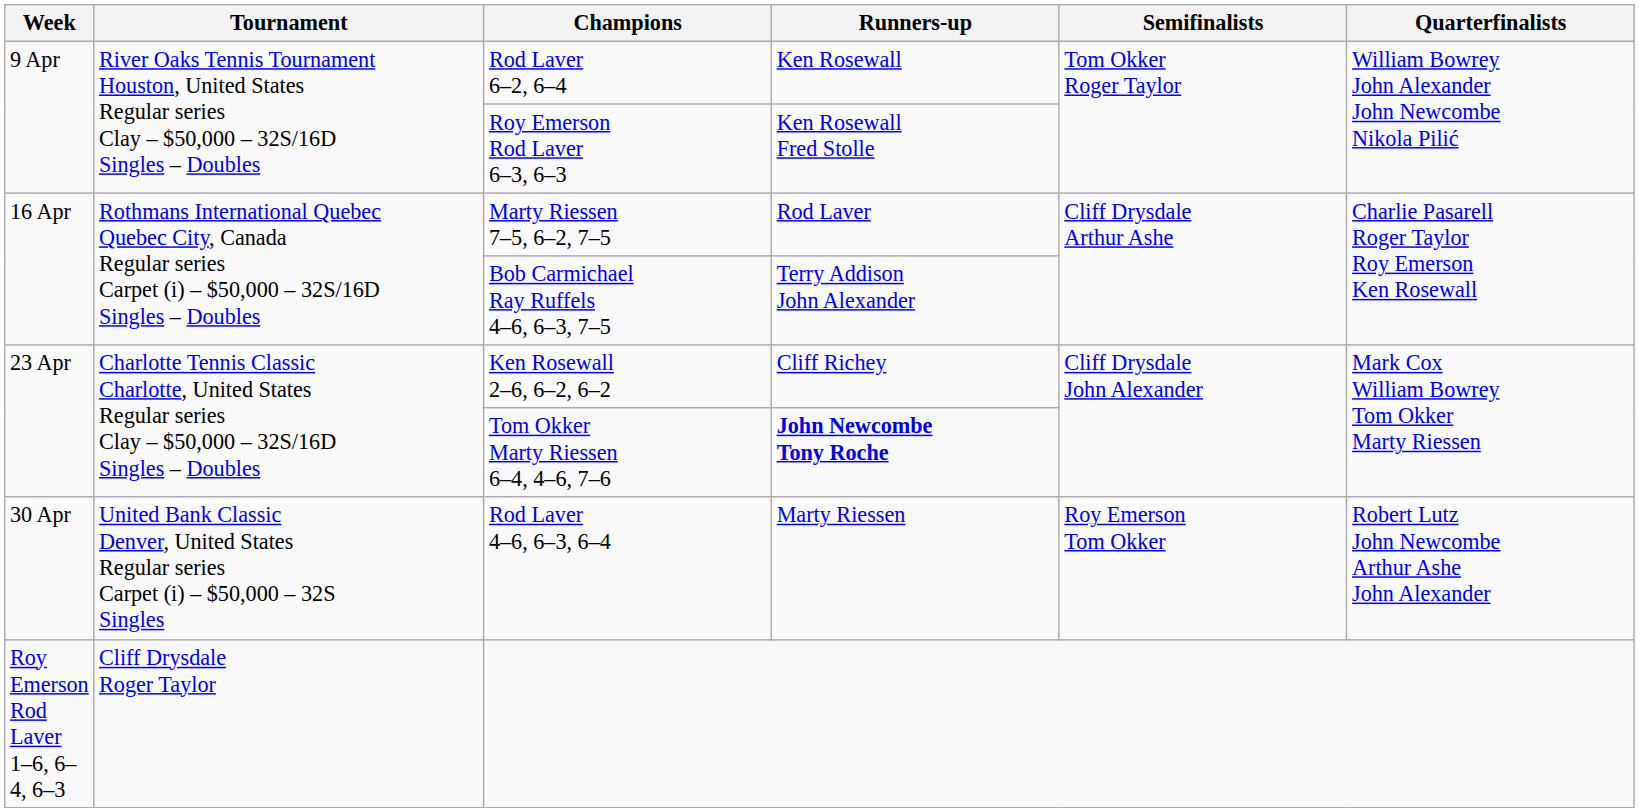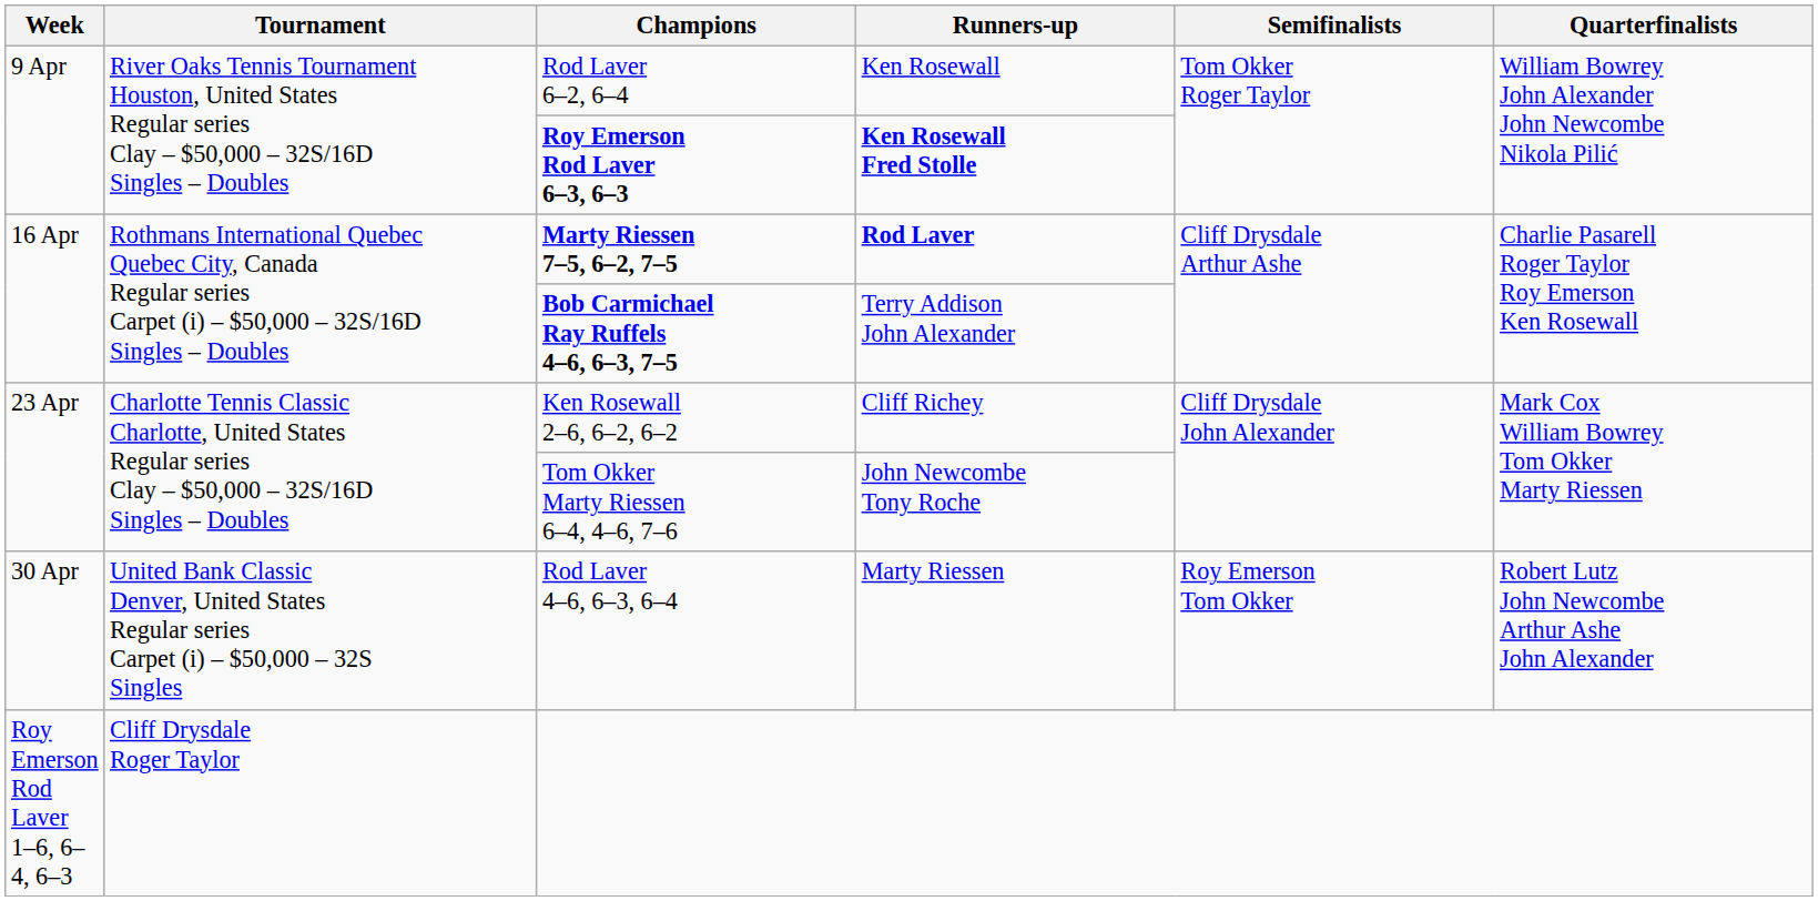 <table class=wikitable style=font-size:95%>
 <tr>
 <th style="width:48px;">Week</th>
 <th style="width:260px;">Tournament</th>
 <th style="width:190px;">Champions</th>
 <th style="width:190px;">Runners-up</th>
 <th style="width:190px;">Semifinalists</th>
 <th style="width:190px;">Quarterfinalists</th>
 </tr>
 <tr valign=top>
 <td rowspan=2>9 Apr</td>
 <td rowspan=2><a href='#'>River Oaks Tennis Tournament</a><br> <a href='#'>Houston</a>, United States<br>Regular series<br>Clay – $50,000 – 32S/16D<br><a href='#'>Singles</a> – <a href='#'>Doubles</a></td>
 <td> <a href='#'>Rod Laver</a><br>6–2, 6–4</td>
 <td> <a href='#'>Ken Rosewall</a></td>
 <td rowspan=2> <a href='#'>Tom Okker</a><br> <a href='#'>Roger Taylor</a></td>
 <td rowspan=2> <a href='#'>William Bowrey</a><br> <a href='#'>John Alexander</a><br> <a href='#'>John Newcombe</a><br> <a href='#'>Nikola Pilić</a></td>
 </tr>
 <tr valign=top>
-<td> <a href='#'>Roy Emerson</a><br> <a href='#'>Rod Laver</a><br>6–3, 6–3</td>
-<td> <a href='#'>Ken Rosewall</a><br> <a href='#'>Fred Stolle</a></td>
+<td><strong> <a href='#'>Roy Emerson</a><br> <a href='#'>Rod Laver</a><br>6–3, 6–3</strong></td>
+<td><strong> <a href='#'>Ken Rosewall</a><br> <a href='#'>Fred Stolle</a></strong></td>
 </tr>
 <tr valign=top>
 <td rowspan=2>16 Apr</td>
 <td rowspan=2><a href='#'>Rothmans International Quebec</a><br> <a href='#'>Quebec City</a>, Canada<br>Regular series<br>Carpet (i) – $50,000 – 32S/16D<br><a href='#'>Singles</a> – <a href='#'>Doubles</a></td>
-<td> <a href='#'>Marty Riessen</a><br>7–5, 6–2, 7–5</td>
-<td> <a href='#'>Rod Laver</a></td>
+<td><strong> <a href='#'>Marty Riessen</a><br>7–5, 6–2, 7–5</strong></td>
+<td><strong> <a href='#'>Rod Laver</a></strong></td>
 <td rowspan=2> <a href='#'>Cliff Drysdale</a><br> <a href='#'>Arthur Ashe</a></td>
 <td rowspan=2> <a href='#'>Charlie Pasarell</a><br> <a href='#'>Roger Taylor</a><br> <a href='#'>Roy Emerson</a><br> <a href='#'>Ken Rosewall</a></td>
 </tr>
 <tr valign=top>
-<td> <a href='#'>Bob Carmichael</a><br> <a href='#'>Ray Ruffels</a><br>4–6, 6–3, 7–5</td>
+<td><strong> <a href='#'>Bob Carmichael</a><br> <a href='#'>Ray Ruffels</a><br>4–6, 6–3, 7–5</strong></td>
 <td> <a href='#'>Terry Addison</a><br> <a href='#'>John Alexander</a></td>
 </tr>
 <tr valign=top>
 <td rowspan=2>23 Apr</td>
 <td rowspan=2><a href='#'>Charlotte Tennis Classic</a><br> <a href='#'>Charlotte</a>, United States<br>Regular series<br>Clay – $50,000 – 32S/16D<br><a href='#'>Singles</a> – <a href='#'>Doubles</a></td>
 <td> <a href='#'>Ken Rosewall</a><br>2–6, 6–2, 6–2</td>
 <td> <a href='#'>Cliff Richey</a></td>
 <td rowspan=2> <a href='#'>Cliff Drysdale</a><br> <a href='#'>John Alexander</a></td>
 <td rowspan=2> <a href='#'>Mark Cox</a><br> <a href='#'>William Bowrey</a><br> <a href='#'>Tom Okker</a><br> <a href='#'>Marty Riessen</a></td>
 </tr>
 <tr valign=top>
 <td> <a href='#'>Tom Okker</a><br> <a href='#'>Marty Riessen</a><br>6–4, 4–6, 7–6</td>
-<td><strong> <a href='#'>John Newcombe</a><br> <a href='#'>Tony Roche</a></strong></td>
+<td> <a href='#'>John Newcombe</a><br> <a href='#'>Tony Roche</a></td>
 </tr>
 <tr valign=top>
 <td rowspan=2>30 Apr</td>
 <td rowspan=2><a href='#'>United Bank Classic</a><br> <a href='#'>Denver</a>, United States<br>Regular series<br>Carpet (i) – $50,000 – 32S<br><a href='#'>Singles</a></td>
 <td> <a href='#'>Rod Laver</a><br>4–6, 6–3, 6–4</td>
 <td> <a href='#'>Marty Riessen</a></td>
 <td rowspan=2> <a href='#'>Roy Emerson</a><br> <a href='#'>Tom Okker</a></td>
 <td rowspan=2> <a href='#'>Robert Lutz</a><br> <a href='#'>John Newcombe</a><br> <a href='#'>Arthur Ashe</a><br> <a href='#'>John Alexander</a></td>
 </tr>
 <tr valign=top>
 </tr>
 <tr valign=top>
 <td> <a href='#'>Roy Emerson</a> <br>  <a href='#'>Rod Laver</a><br>1–6, 6–4, 6–3</td>
 <td> <a href='#'>Cliff Drysdale</a> <br>  <a href='#'>Roger Taylor</a></td>
 </tr>
 </table>
